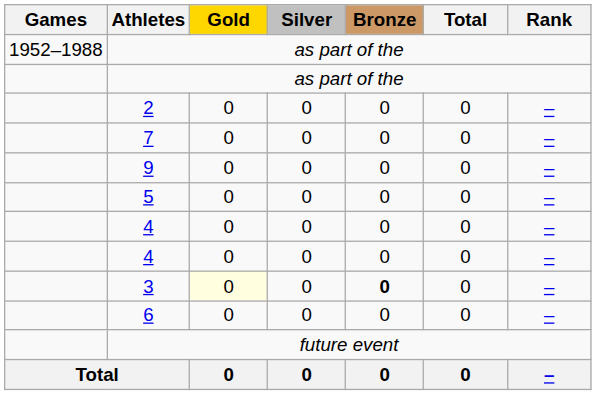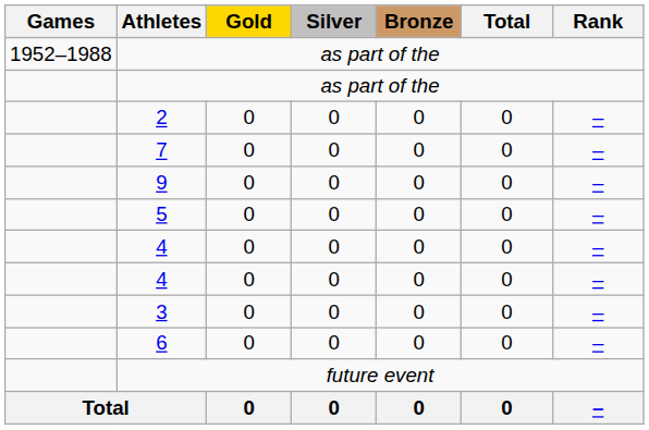 <table class="wikitable" style="text-align:center; font-size:90%;">
 <tr>
 <th>Games</th>
 <th>Athletes</th>
 <td style="background:gold; width:3.7em; font-weight:bold;">Gold</td>
 <td style="background:silver; width:3.7em; font-weight:bold;">Silver</td>
 <td style="background:#cc9966; width:3.7em; font-weight:bold;">Bronze</td>
 <th style="width:4em; font-weight:bold;">Total</th>
 <th style="width:4em; font-weight:bold;">Rank</th>
 </tr>
 <tr>
 <td align=left>1952–1988</td>
 <td colspan=6><em>as part of the </em></td>
 </tr>
 <tr>
 <td align=left></td>
 <td colspan=6><em>as part of the </em></td>
 </tr>
 <tr>
 <td align=left></td>
 <td><a href='#'>2</a></td>
 <td>0</td>
 <td>0</td>
 <td>0</td>
 <td>0</td>
 <td><a href='#'>–</a></td>
 </tr>
 <tr>
 <td align=left></td>
 <td><a href='#'>7</a></td>
 <td>0</td>
 <td>0</td>
 <td>0</td>
 <td>0</td>
 <td><a href='#'>–</a></td>
 </tr>
 <tr>
 <td align=left></td>
 <td><a href='#'>9</a></td>
 <td>0</td>
 <td>0</td>
 <td>0</td>
 <td>0</td>
 <td><a href='#'>–</a></td>
 </tr>
 <tr>
 <td align=left></td>
 <td><a href='#'>5</a></td>
 <td>0</td>
 <td>0</td>
 <td>0</td>
 <td>0</td>
 <td><a href='#'>–</a></td>
 </tr>
 <tr>
 <td align=left></td>
 <td><a href='#'>4</a></td>
 <td>0</td>
 <td>0</td>
 <td>0</td>
 <td>0</td>
 <td><a href='#'>–</a></td>
 </tr>
 <tr>
 <td align=left></td>
 <td><a href='#'>4</a></td>
 <td>0</td>
 <td>0</td>
 <td>0</td>
 <td>0</td>
 <td><a href='#'>–</a></td>
 </tr>
 <tr>
 <td align=left></td>
 <td><a href='#'>3</a></td>
-<td style="background: lightyellow;">0</td>
 <td>0</td>
-<td><strong>0</strong></td>
+<td>0</td>
+<td>0</td>
 <td>0</td>
 <td><a href='#'>–</a></td>
 </tr>
 <tr>
 <td align=left></td>
 <td><a href='#'>6</a></td>
 <td>0</td>
 <td>0</td>
 <td>0</td>
 <td>0</td>
 <td><a href='#'>–</a></td>
 </tr>
 <tr>
 <td align=left></td>
 <td colspan=6><em>future event</em></td>
 </tr>
 <tr>
 <th colspan=2>Total</th>
 <th>0</th>
 <th>0</th>
 <th>0</th>
 <th>0</th>
 <th><a href='#'>–</a></th>
 </tr>
 </table>
